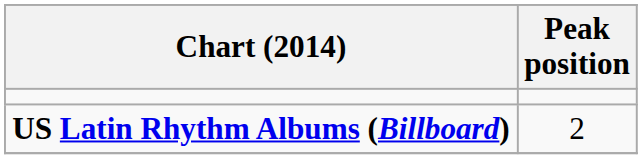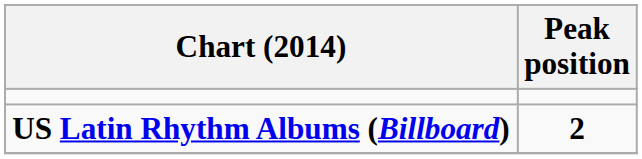 <table class="wikitable sortable plainrowheaders">
 <tr>
 <th>Chart (2014)</th>
 <th>Peak<br>position</th>
 </tr>
 <tr>
 <td></td>
 </tr>
 <tr>
 <td><strong>US <a href='#'>Latin Rhythm Albums</a> (<em><a href='#'>Billboard</a></em>)</strong></td>
-<td style="text-align:center;">2</td>
+<td style="text-align:center;"><strong>2</strong></td>
 </tr>
 <tr>
 </tr>
 </table>
